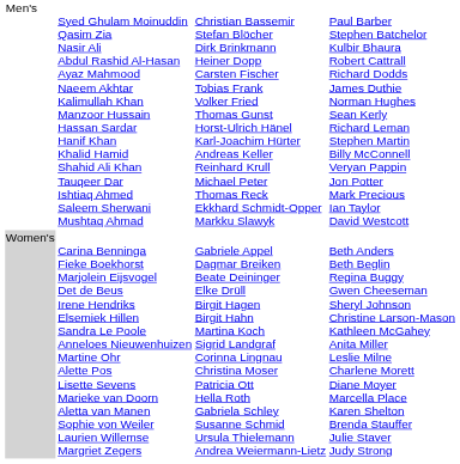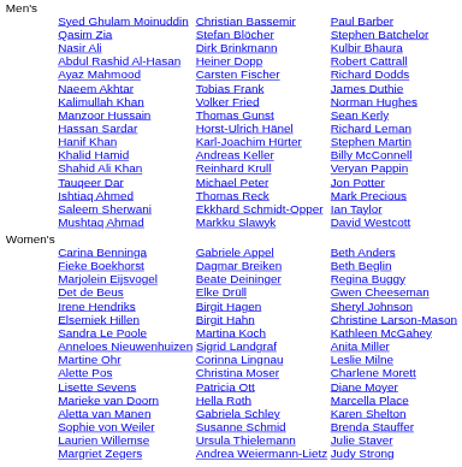 <table>
 <tr valign="top">
 <td>Men's<br></td>
 <td><br><a href='#'>Syed Ghulam Moinuddin</a><br><a href='#'>Qasim Zia</a><br><a href='#'>Nasir Ali</a><br><a href='#'>Abdul Rashid Al-Hasan</a><br><a href='#'>Ayaz Mahmood</a><br><a href='#'>Naeem Akhtar</a><br><a href='#'>Kalimullah Khan</a><br><a href='#'>Manzoor Hussain</a><br><a href='#'>Hassan Sardar</a><br><a href='#'>Hanif Khan</a><br><a href='#'>Khalid Hamid</a><br><a href='#'>Shahid Ali Khan</a><br><a href='#'>Tauqeer Dar</a><br><a href='#'>Ishtiaq Ahmed</a><br><a href='#'>Saleem Sherwani</a><br><a href='#'>Mushtaq Ahmad</a></td>
 <td valign=top><br><a href='#'>Christian Bassemir</a><br><a href='#'>Stefan Blöcher</a><br><a href='#'>Dirk Brinkmann</a><br><a href='#'>Heiner Dopp</a><br><a href='#'>Carsten Fischer</a><br><a href='#'>Tobias Frank</a><br><a href='#'>Volker Fried</a><br><a href='#'>Thomas Gunst</a><br><a href='#'>Horst-Ulrich Hänel</a><br><a href='#'>Karl-Joachim Hürter</a><br><a href='#'>Andreas Keller</a><br><a href='#'>Reinhard Krull</a><br><a href='#'>Michael Peter</a><br><a href='#'>Thomas Reck</a><br><a href='#'>Ekkhard Schmidt-Opper</a><br><a href='#'>Markku Slawyk</a></td>
 <td><br><a href='#'>Paul Barber</a><br><a href='#'>Stephen Batchelor</a><br><a href='#'>Kulbir Bhaura</a><br><a href='#'>Robert Cattrall</a><br><a href='#'>Richard Dodds</a><br><a href='#'>James Duthie</a><br><a href='#'>Norman Hughes</a><br><a href='#'>Sean Kerly</a><br><a href='#'>Richard Leman</a><br><a href='#'>Stephen Martin</a><br><a href='#'>Billy McConnell</a><br><a href='#'>Veryan Pappin</a><br><a href='#'>Jon Potter</a><br><a href='#'>Mark Precious</a><br><a href='#'>Ian Taylor</a><br><a href='#'>David Westcott</a></td>
 </tr>
 <tr valign="top">
-<td style="background: lightgrey;">Women's<br></td>
+<td>Women's<br></td>
 <td><br><a href='#'>Carina Benninga</a><br><a href='#'>Fieke Boekhorst</a><br><a href='#'>Marjolein Eijsvogel</a><br><a href='#'>Det de Beus</a><br><a href='#'>Irene Hendriks</a><br><a href='#'>Elsemiek Hillen</a><br><a href='#'>Sandra Le Poole</a><br><a href='#'>Anneloes Nieuwenhuizen</a><br><a href='#'>Martine Ohr</a><br><a href='#'>Alette Pos</a><br><a href='#'>Lisette Sevens</a><br><a href='#'>Marieke van Doorn</a><br><a href='#'>Aletta van Manen</a><br><a href='#'>Sophie von Weiler</a><br><a href='#'>Laurien Willemse</a><br><a href='#'>Margriet Zegers</a></td>
 <td><br><a href='#'>Gabriele Appel</a><br><a href='#'>Dagmar Breiken</a><br><a href='#'>Beate Deininger</a><br><a href='#'>Elke Drüll</a><br><a href='#'>Birgit Hagen</a><br><a href='#'>Birgit Hahn</a><br><a href='#'>Martina Koch</a><br><a href='#'>Sigrid Landgraf</a><br><a href='#'>Corinna Lingnau</a><br><a href='#'>Christina Moser</a><br><a href='#'>Patricia Ott</a><br><a href='#'>Hella Roth</a><br><a href='#'>Gabriela Schley</a><br><a href='#'>Susanne Schmid</a><br><a href='#'>Ursula Thielemann</a><br><a href='#'>Andrea Weiermann-Lietz</a></td>
 <td><br><a href='#'>Beth Anders</a><br><a href='#'>Beth Beglin</a><br><a href='#'>Regina Buggy</a><br><a href='#'>Gwen Cheeseman</a><br><a href='#'>Sheryl Johnson</a><br><a href='#'>Christine Larson-Mason</a><br><a href='#'>Kathleen McGahey</a><br><a href='#'>Anita Miller</a><br><a href='#'>Leslie Milne</a><br><a href='#'>Charlene Morett</a><br><a href='#'>Diane Moyer</a><br><a href='#'>Marcella Place</a><br><a href='#'>Karen Shelton</a><br><a href='#'>Brenda Stauffer</a><br><a href='#'>Julie Staver</a><br><a href='#'>Judy Strong</a></td>
 </tr>
 </table>
